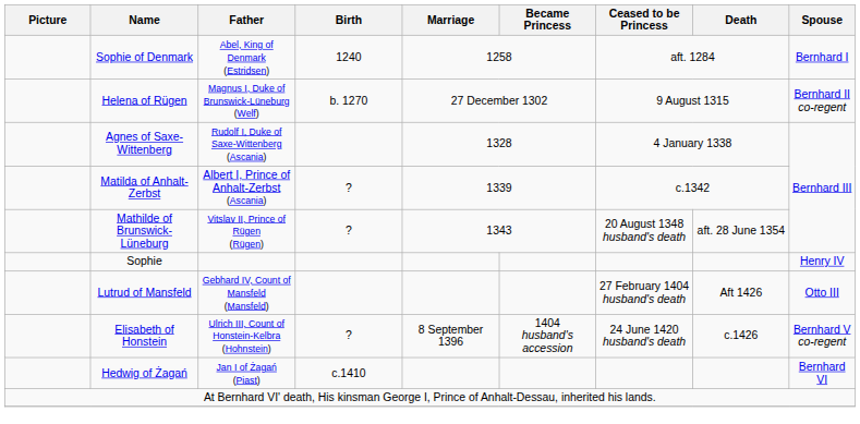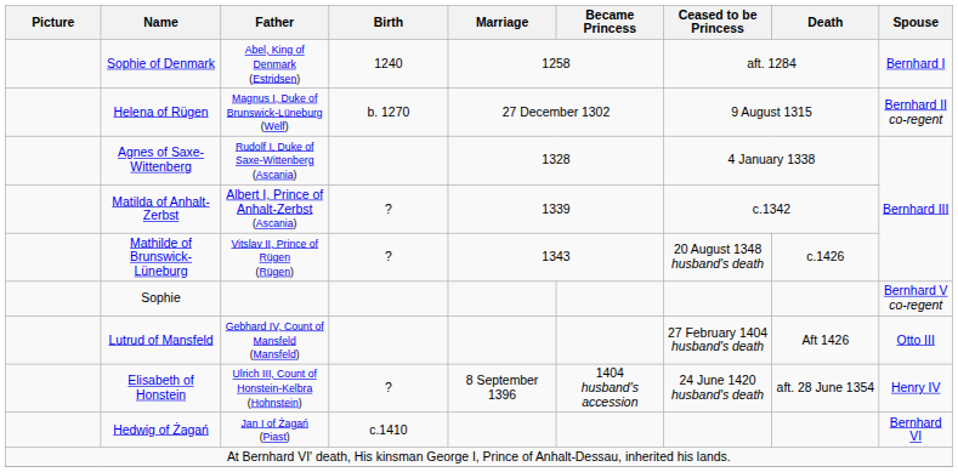 <table width=95% class="wikitable">
 <tr>
 <th width = "8%">Picture</th>
 <th width = "10%">Name</th>
 <th width = "9%">Father</th>
 <th width = "10%">Birth</th>
 <th width = "9%">Marriage</th>
 <th width = "9%">Became Princess</th>
 <th width = "9%">Ceased to be Princess</th>
 <th width = "9%">Death</th>
 <th width = "6%">Spouse</th>
 </tr>
 <tr>
 <td align="center"></td>
 <td align="center"><a href='#'>Sophie of Denmark</a></td>
 <td align="center"><small><a href='#'>Abel, King of Denmark</a><br>(<a href='#'>Estridsen</a>)</small></td>
 <td align="center">1240</td>
 <td align="center" colspan="2">1258</td>
 <td align="center" colspan="2">aft. 1284</td>
 <td align="center"><a href='#'>Bernhard I</a></td>
 </tr>
 <tr>
 <td align="center"></td>
 <td align="center"><a href='#'>Helena of Rügen</a></td>
 <td align="center"><small><a href='#'>Magnus I, Duke of Brunswick-Lüneburg</a><br>(<a href='#'>Welf</a>)</small></td>
 <td align="center">b. 1270</td>
 <td align="center" colspan="2">27 December 1302</td>
 <td align="center" colspan="2">9 August 1315</td>
 <td align="center"><a href='#'>Bernhard II</a><br><em>co-regent</em></td>
 </tr>
 <tr>
 <td align="center"></td>
 <td align="center"><a href='#'>Agnes of Saxe-Wittenberg</a></td>
 <td align="center"><small><a href='#'>Rudolf I, Duke of Saxe-Wittenberg</a><br>(<a href='#'>Ascania</a>)</small></td>
 <td align="center"></td>
 <td align="center" colspan="2">1328</td>
 <td align="center" colspan="2">4 January 1338</td>
 <td align="center" rowspan="3"><a href='#'>Bernhard III</a></td>
 </tr>
 <tr>
 <td align="center"></td>
 <td align="center"><a href='#'>Matilda of Anhalt-Zerbst</a></td>
 <td align="center"><a href='#'>Albert I, Prince of Anhalt-Zerbst</a><br><small>(<a href='#'>Ascania</a>)</small></td>
 <td align="center">?</td>
 <td align="center" colspan="2">1339</td>
 <td align="center" colspan="2">c.1342</td>
 </tr>
 <tr>
 <td align="center"></td>
 <td align="center"><a href='#'>Mathilde of Brunswick-Lüneburg</a></td>
 <td align="center"><small><a href='#'>Vitslav II, Prince of Rügen</a><br>(<a href='#'>Rügen</a>)</small></td>
 <td align="center">?</td>
 <td align="center" colspan="2">1343</td>
 <td align="center">20 August 1348<br><em>husband's death</em></td>
-<td align="center">aft. 28 June 1354</td>
+<td align="center">c.1426</td>
 </tr>
 <tr>
 <td align="center"></td>
 <td align="center">Sophie</td>
 <td align="center"></td>
 <td align="center"></td>
 <td align="center"></td>
 <td align="center"></td>
 <td align="center"></td>
 <td align="center"></td>
-<td align="center"><a href='#'>Henry IV</a></td>
+<td align="center"><a href='#'>Bernhard V</a><br><em>co-regent</em></td>
 </tr>
 <tr>
 <td align="center"></td>
 <td align="center"><a href='#'>Lutrud of Mansfeld</a></td>
 <td align="center"><small><a href='#'>Gebhard IV, Count of Mansfeld</a><br>(<a href='#'>Mansfeld</a>)</small></td>
 <td align="center"></td>
 <td align="center"></td>
 <td align="center"></td>
 <td align="center">27 February 1404<br><em>husband's death</em></td>
 <td align="center">Aft 1426</td>
 <td align="center"><a href='#'>Otto III</a></td>
 </tr>
 <tr>
 <td align="center"></td>
 <td align="center"><a href='#'>Elisabeth of Honstein</a></td>
 <td align="center"><small><a href='#'>Ulrich III, Count of Honstein-Kelbra</a><br>(<a href='#'>Hohnstein</a>)</small></td>
 <td align="center">?</td>
 <td align="center">8 September 1396</td>
 <td align="center">1404<br><em>husband's accession</em></td>
 <td align="center">24 June 1420<br><em>husband's death</em></td>
-<td align="center">c.1426</td>
-<td align="center"><a href='#'>Bernhard V</a><br><em>co-regent</em></td>
+<td align="center">aft. 28 June 1354</td>
+<td align="center"><a href='#'>Henry IV</a></td>
 </tr>
 <tr>
 <td align="center"></td>
 <td align="center"><a href='#'>Hedwig of Żagań</a></td>
 <td align="center"><small><a href='#'>Jan I of Żagań</a><br>(<a href='#'>Piast</a>)</small></td>
 <td align="center">c.1410</td>
 <td align="center"></td>
 <td align="center"></td>
 <td align="center"></td>
 <td align="center"></td>
 <td align="center"><a href='#'>Bernhard VI</a></td>
 </tr>
 <tr>
 <td align="center" colspan="9">At Bernhard VI' death, His kinsman George I, Prince of Anhalt-Dessau, inherited his lands.</td>
 </tr>
 <tr>
 </tr>
 </table>
